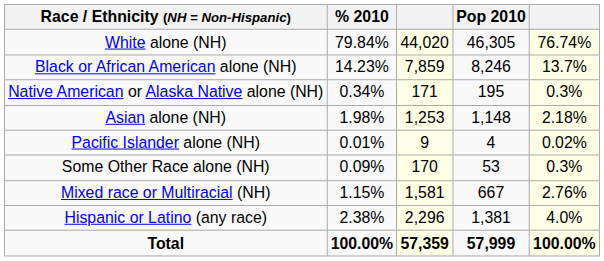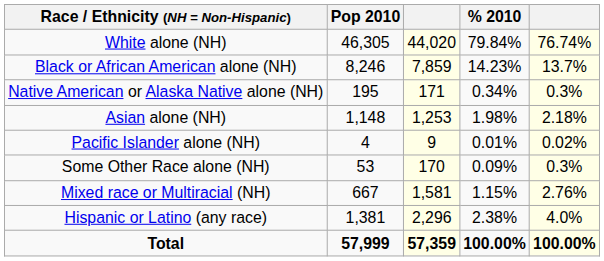 <table class="wikitable" style="text-align:center;">
 <tr>
 <th>Race / Ethnicity <small>(<em>NH = Non-Hispanic</em>)</small></th>
+<th>Pop 2010</th>
+<th></th>
 <th>% 2010</th>
-<th></th>
-<th>Pop 2010</th>
 <th></th>
 </tr>
 <tr>
 <td><a href='#'>White</a> alone (NH)</td>
+<td>46,305</td>
+<td style='background: #ffffe6;'>44,020</td>
 <td>79.84%</td>
-<td style='background: #ffffe6;'>44,020</td>
-<td>46,305</td>
 <td style='background: #ffffe6;'>76.74%</td>
 </tr>
 <tr>
 <td><a href='#'>Black or African American</a> alone (NH)</td>
+<td>8,246</td>
+<td style='background: #ffffe6;'>7,859</td>
 <td>14.23%</td>
-<td style='background: #ffffe6;'>7,859</td>
-<td>8,246</td>
 <td style='background: #ffffe6;'>13.7%</td>
 </tr>
 <tr>
 <td><a href='#'>Native American</a> or <a href='#'>Alaska Native</a> alone (NH)</td>
+<td>195</td>
+<td style='background: #ffffe6;'>171</td>
 <td>0.34%</td>
-<td style='background: #ffffe6;'>171</td>
-<td>195</td>
 <td style='background: #ffffe6;'>0.3%</td>
 </tr>
 <tr>
 <td><a href='#'>Asian</a> alone (NH)</td>
+<td>1,148</td>
+<td style='background: #ffffe6;'>1,253</td>
 <td>1.98%</td>
-<td style='background: #ffffe6;'>1,253</td>
-<td>1,148</td>
 <td style='background: #ffffe6;'>2.18%</td>
 </tr>
 <tr>
 <td><a href='#'>Pacific Islander</a> alone (NH)</td>
+<td>4</td>
+<td style='background: #ffffe6;'>9</td>
 <td>0.01%</td>
-<td style='background: #ffffe6;'>9</td>
-<td>4</td>
 <td style='background: #ffffe6;'>0.02%</td>
 </tr>
 <tr>
 <td>Some Other Race alone (NH)</td>
+<td>53</td>
+<td style='background: #ffffe6;'>170</td>
 <td>0.09%</td>
-<td style='background: #ffffe6;'>170</td>
-<td>53</td>
 <td style='background: #ffffe6;'>0.3%</td>
 </tr>
 <tr>
 <td><a href='#'>Mixed race or Multiracial</a> (NH)</td>
+<td>667</td>
+<td style='background: #ffffe6;'>1,581</td>
 <td>1.15%</td>
-<td style='background: #ffffe6;'>1,581</td>
-<td>667</td>
 <td style='background: #ffffe6;'>2.76%</td>
 </tr>
 <tr>
 <td><a href='#'>Hispanic or Latino</a> (any race)</td>
+<td>1,381</td>
+<td style='background: #ffffe6;'>2,296</td>
 <td>2.38%</td>
-<td style='background: #ffffe6;'>2,296</td>
-<td>1,381</td>
 <td style='background: #ffffe6;'>4.0%</td>
 </tr>
 <tr>
 <td><strong>Total</strong></td>
+<td><strong>57,999</strong></td>
+<td style='background: #ffffe6;'><strong>57,359</strong></td>
 <td><strong>100.00%</strong></td>
-<td style='background: #ffffe6;'><strong>57,359</strong></td>
-<td><strong>57,999</strong></td>
 <td style='background: #ffffe6;'><strong>100.00%</strong></td>
 </tr>
 </table>
